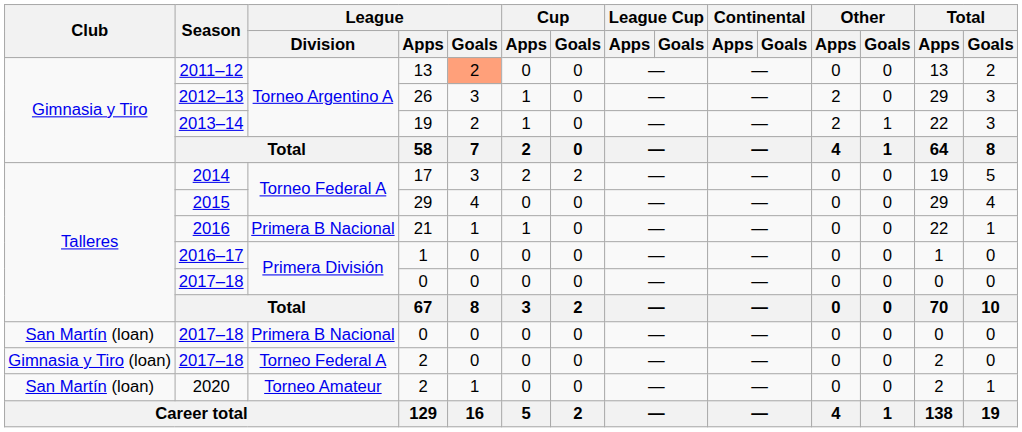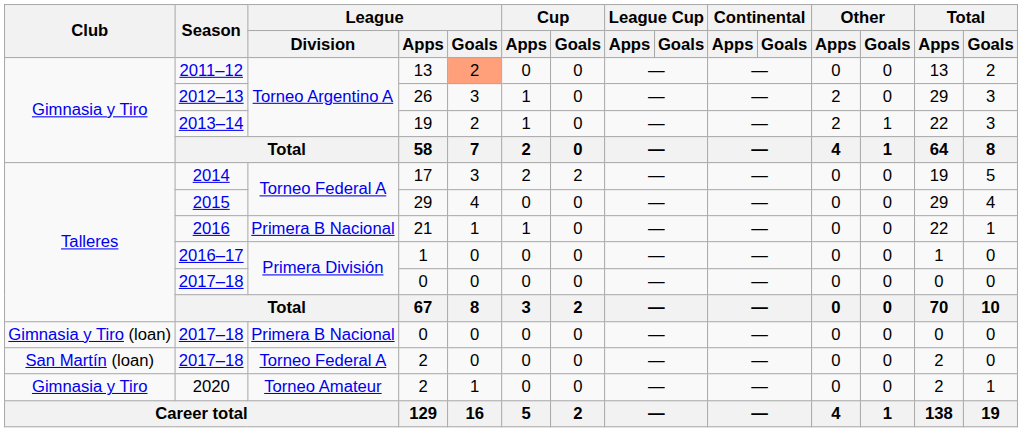 <table class="wikitable" style="text-align:center">
 <tr>
 <th rowspan="2">Club</th>
 <th rowspan="2">Season</th>
 <th colspan="3">League</th>
 <th colspan="2">Cup</th>
 <th colspan="2">League Cup</th>
 <th colspan="2">Continental</th>
 <th colspan="2">Other</th>
 <th colspan="2">Total</th>
 </tr>
 <tr>
 <th>Division</th>
 <th>Apps</th>
 <th>Goals</th>
 <th>Apps</th>
 <th>Goals</th>
 <th>Apps</th>
 <th>Goals</th>
 <th>Apps</th>
 <th>Goals</th>
 <th>Apps</th>
 <th>Goals</th>
 <th>Apps</th>
 <th>Goals</th>
 </tr>
 <tr>
 <td rowspan="4"><a href='#'>Gimnasia y Tiro</a></td>
 <td><a href='#'>2011–12</a></td>
 <td rowspan="3"><a href='#'>Torneo Argentino A</a></td>
 <td>13</td>
 <td style="background: lightsalmon;">2</td>
 <td>0</td>
 <td>0</td>
 <td colspan="2">—</td>
 <td colspan="2">—</td>
 <td>0</td>
 <td>0</td>
 <td>13</td>
 <td>2</td>
 </tr>
 <tr>
 <td><a href='#'>2012–13</a></td>
 <td>26</td>
 <td>3</td>
 <td>1</td>
 <td>0</td>
 <td colspan="2">—</td>
 <td colspan="2">—</td>
 <td>2</td>
 <td>0</td>
 <td>29</td>
 <td>3</td>
 </tr>
 <tr>
 <td><a href='#'>2013–14</a></td>
 <td>19</td>
 <td>2</td>
 <td>1</td>
 <td>0</td>
 <td colspan="2">—</td>
 <td colspan="2">—</td>
 <td>2</td>
 <td>1</td>
 <td>22</td>
 <td>3</td>
 </tr>
 <tr>
 <th colspan="2">Total</th>
 <th>58</th>
 <th>7</th>
 <th>2</th>
 <th>0</th>
 <th colspan="2">—</th>
 <th colspan="2">—</th>
 <th>4</th>
 <th>1</th>
 <th>64</th>
 <th>8</th>
 </tr>
 <tr>
 <td rowspan="6"><a href='#'>Talleres</a></td>
 <td><a href='#'>2014</a></td>
 <td rowspan="2"><a href='#'>Torneo Federal A</a></td>
 <td>17</td>
 <td>3</td>
 <td>2</td>
 <td>2</td>
 <td colspan="2">—</td>
 <td colspan="2">—</td>
 <td>0</td>
 <td>0</td>
 <td>19</td>
 <td>5</td>
 </tr>
 <tr>
 <td><a href='#'>2015</a></td>
 <td>29</td>
 <td>4</td>
 <td>0</td>
 <td>0</td>
 <td colspan="2">—</td>
 <td colspan="2">—</td>
 <td>0</td>
 <td>0</td>
 <td>29</td>
 <td>4</td>
 </tr>
 <tr>
 <td><a href='#'>2016</a></td>
 <td rowspan="1"><a href='#'>Primera B Nacional</a></td>
 <td>21</td>
 <td>1</td>
 <td>1</td>
 <td>0</td>
 <td colspan="2">—</td>
 <td colspan="2">—</td>
 <td>0</td>
 <td>0</td>
 <td>22</td>
 <td>1</td>
 </tr>
 <tr>
 <td><a href='#'>2016–17</a></td>
 <td rowspan="2"><a href='#'>Primera División</a></td>
 <td>1</td>
 <td>0</td>
 <td>0</td>
 <td>0</td>
 <td colspan="2">—</td>
 <td colspan="2">—</td>
 <td>0</td>
 <td>0</td>
 <td>1</td>
 <td>0</td>
 </tr>
 <tr>
 <td><a href='#'>2017–18</a></td>
 <td>0</td>
 <td>0</td>
 <td>0</td>
 <td>0</td>
 <td colspan="2">—</td>
 <td colspan="2">—</td>
 <td>0</td>
 <td>0</td>
 <td>0</td>
 <td>0</td>
 </tr>
 <tr>
 <th colspan="2">Total</th>
 <th>67</th>
 <th>8</th>
 <th>3</th>
 <th>2</th>
 <th colspan="2">—</th>
 <th colspan="2">—</th>
 <th>0</th>
 <th>0</th>
 <th>70</th>
 <th>10</th>
 </tr>
 <tr>
-<td rowspan="1"><a href='#'>San Martín</a> (loan)</td>
+<td rowspan="1"><a href='#'>Gimnasia y Tiro</a> (loan)</td>
 <td><a href='#'>2017–18</a></td>
 <td rowspan="1"><a href='#'>Primera B Nacional</a></td>
 <td>0</td>
 <td>0</td>
 <td>0</td>
 <td>0</td>
 <td colspan="2">—</td>
 <td colspan="2">—</td>
 <td>0</td>
 <td>0</td>
 <td>0</td>
 <td>0</td>
 </tr>
 <tr>
-<td rowspan="1"><a href='#'>Gimnasia y Tiro</a> (loan)</td>
+<td rowspan="1"><a href='#'>San Martín</a> (loan)</td>
 <td><a href='#'>2017–18</a></td>
 <td rowspan="1"><a href='#'>Torneo Federal A</a></td>
 <td>2</td>
 <td>0</td>
 <td>0</td>
 <td>0</td>
 <td colspan="2">—</td>
 <td colspan="2">—</td>
 <td>0</td>
 <td>0</td>
 <td>2</td>
 <td>0</td>
 </tr>
 <tr>
-<td rowspan="1"><a href='#'>San Martín</a> (loan)</td>
+<td rowspan="1"><a href='#'>Gimnasia y Tiro</a></td>
 <td>2020</td>
 <td rowspan="1"><a href='#'>Torneo Amateur</a></td>
 <td>2</td>
 <td>1</td>
 <td>0</td>
 <td>0</td>
 <td colspan="2">—</td>
 <td colspan="2">—</td>
 <td>0</td>
 <td>0</td>
 <td>2</td>
 <td>1</td>
 </tr>
 <tr>
 <th colspan="3">Career total</th>
 <th>129</th>
 <th>16</th>
 <th>5</th>
 <th>2</th>
 <th colspan="2">—</th>
 <th colspan="2">—</th>
 <th>4</th>
 <th>1</th>
 <th>138</th>
 <th>19</th>
 </tr>
 </table>
